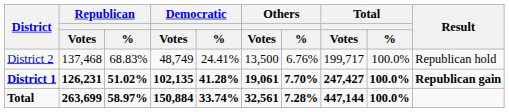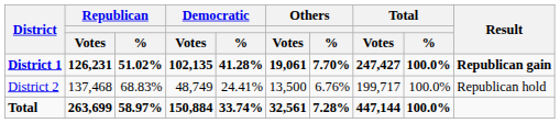 <table class="wikitable plainrowheaders sortable" style="font-size:100%; text-align:right;">
 <tr>
 <th scope=col rowspan=3><a href='#'>District</a></th>
 <th scope=col colspan=2><a href='#'>Republican</a></th>
 <th scope=col colspan=2><a href='#'>Democratic</a></th>
 <th scope=col colspan=2>Others</th>
 <th scope=col colspan=2>Total</th>
 <th scope=col rowspan=3>Result</th>
 </tr>
 <tr>
 <th scope=col colspan=2 style="background:"></th>
 <th scope=col colspan=2 style="background:"></th>
 <th scope=col colspan=2></th>
 <th scope=col colspan=2></th>
 </tr>
 <tr>
 <th scope=col data-sort-type="number">Votes</th>
 <th scope=col data-sort-type="number">%</th>
 <th scope=col data-sort-type="number">Votes</th>
 <th scope=col data-sort-type="number">%</th>
 <th scope=col data-sort-type="number">Votes</th>
 <th scope=col data-sort-type="number">%</th>
 <th scope=col data-sort-type="number">Votes</th>
 <th scope=col data-sort-type="number">%</th>
 </tr>
 <tr>
+<td align=left><strong><a href='#'>District 1</a></strong></td>
+<td><strong>126,231</strong></td>
+<td><strong>51.02%</strong></td>
+<td><strong>102,135</strong></td>
+<td><strong>41.28%</strong></td>
+<td><strong>19,061</strong></td>
+<td><strong>7.70%</strong></td>
+<td><strong>247,427</strong></td>
+<td><strong>100.0%</strong></td>
+<td align=left><strong>Republican gain</strong></td>
+</tr>
+<tr>
 <td align=left><a href='#'>District 2</a></td>
 <td>137,468</td>
 <td>68.83%</td>
 <td>48,749</td>
 <td>24.41%</td>
 <td>13,500</td>
 <td>6.76%</td>
 <td>199,717</td>
 <td>100.0%</td>
 <td align=left>Republican hold</td>
-</tr>
-<tr>
-<td align=left><strong><a href='#'>District 1</a></strong></td>
-<td><strong>126,231</strong></td>
-<td><strong>51.02%</strong></td>
-<td><strong>102,135</strong></td>
-<td><strong>41.28%</strong></td>
-<td><strong>19,061</strong></td>
-<td><strong>7.70%</strong></td>
-<td><strong>247,427</strong></td>
-<td><strong>100.0%</strong></td>
-<td align=left><strong>Republican gain</strong></td>
 </tr>
 <tr class="sortbottom" style="font-weight:bold">
 <td align=left>Total</td>
 <td>263,699</td>
 <td>58.97%</td>
 <td>150,884</td>
 <td>33.74%</td>
 <td>32,561</td>
 <td>7.28%</td>
 <td>447,144</td>
 <td>100.0%</td>
 <td></td>
 </tr>
 </table>
